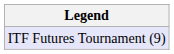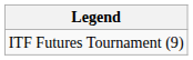 <table class="wikitable">
 <tr>
 <th>Legend</th>
 </tr>
 <tr>
-<td style="background: lavender;">ITF Futures Tournament (9)</td>
+<td>ITF Futures Tournament (9)</td>
 </tr>
 </table>
